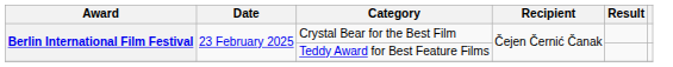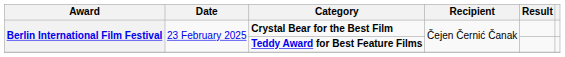 <table class="wikitable sortable plainrowheaders">
 <tr>
 <th>Award</th>
 <th>Date</th>
 <th>Category</th>
 <th>Recipient</th>
 <th>Result</th>
 <th></th>
 </tr>
 <tr>
 <th scope="row" rowspan="2"><a href='#'>Berlin International Film Festival</a></th>
 <td rowspan="2"><a href='#'>23 February 2025</a></td>
-<td>Crystal Bear for the Best Film</td>
+<td><strong>Crystal Bear for the Best Film</strong></td>
 <td rowspan="2">Čejen Černić Čanak</td>
 <td></td>
 <td align="center" rowspan="1"></td>
 </tr>
 <tr>
-<td><a href='#'>Teddy Award</a> for Best Feature Films</td>
+<td><strong><a href='#'>Teddy Award</a> for Best Feature Films</strong></td>
 <td></td>
 <td align="center" rowspan="1"></td>
 </tr>
 <tr>
 </tr>
 </table>
